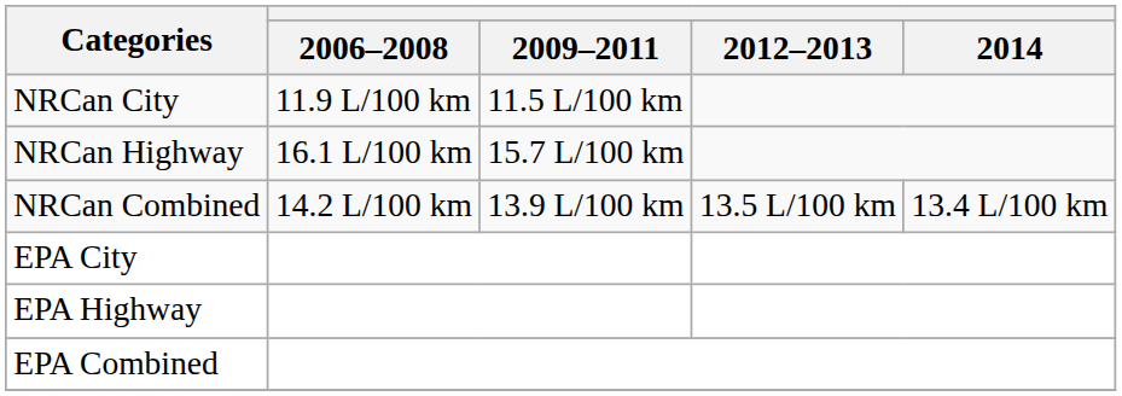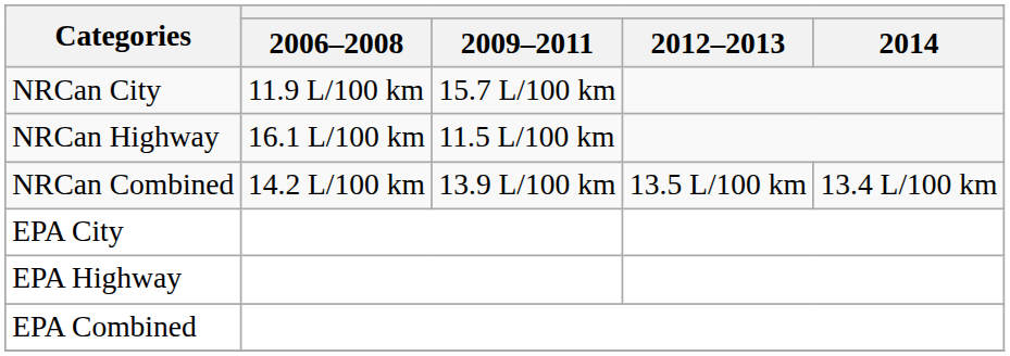 <table class="wikitable">
 <tr>
 <th rowspan="2">Categories</th>
 <th colspan="4"></th>
 </tr>
 <tr>
 <th>2006–2008</th>
 <th>2009–2011</th>
 <th>2012–2013</th>
 <th>2014</th>
 </tr>
 <tr>
 <td>NRCan City</td>
 <td>11.9 L/100 km</td>
-<td>11.5 L/100 km</td>
+<td>15.7 L/100 km</td>
 <td colspan="2"></td>
 </tr>
 <tr>
 <td>NRCan Highway</td>
 <td>16.1 L/100 km</td>
-<td>15.7 L/100 km</td>
+<td>11.5 L/100 km</td>
 <td colspan="2"></td>
 </tr>
 <tr>
 <td>NRCan Combined</td>
 <td>14.2 L/100 km</td>
 <td>13.9 L/100 km</td>
 <td>13.5 L/100 km</td>
 <td>13.4 L/100 km</td>
 </tr>
 <tr>
 <td style="background: White">EPA City</td>
 <td colspan="2" style="background: White"></td>
 <td colspan="2" style="background: White"></td>
 </tr>
 <tr>
 <td style="background: White">EPA Highway</td>
 <td colspan="2" style="background: White"></td>
 <td colspan="2" style="background: White"></td>
 </tr>
 <tr>
 <td style="background: White">EPA Combined</td>
 <td colspan="4" style="background: White"></td>
 </tr>
 <tr>
 </tr>
 </table>
